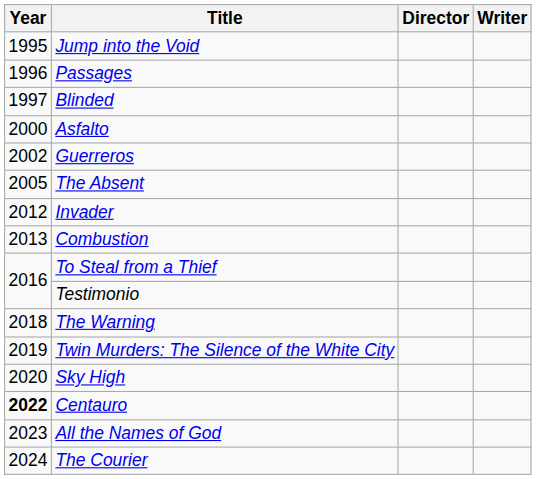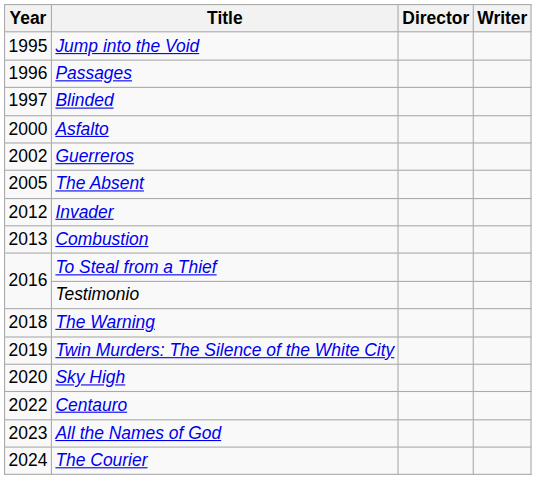 <table class="wikitable sortable">
 <tr>
 <th>Year</th>
 <th>Title</th>
 <th>Director</th>
 <th>Writer</th>
 </tr>
 <tr>
 <td>1995</td>
 <td><em><a href='#'>Jump into the Void</a></em></td>
 <td></td>
 <td></td>
 </tr>
 <tr>
 <td>1996</td>
 <td><em><a href='#'>Passages</a></em></td>
 <td></td>
 <td></td>
 </tr>
 <tr>
 <td>1997</td>
 <td><em><a href='#'>Blinded</a></em></td>
 <td></td>
 <td></td>
 </tr>
 <tr>
 <td>2000</td>
 <td><em><a href='#'>Asfalto</a></em></td>
 <td></td>
 <td></td>
 </tr>
 <tr>
 <td>2002</td>
 <td><em><a href='#'>Guerreros</a></em></td>
 <td></td>
 <td></td>
 </tr>
 <tr>
 <td>2005</td>
 <td><em><a href='#'>The Absent</a></em></td>
 <td></td>
 <td></td>
 </tr>
 <tr>
 <td>2012</td>
 <td><em><a href='#'>Invader</a></em></td>
 <td></td>
 <td></td>
 </tr>
 <tr>
 <td>2013</td>
 <td><em><a href='#'>Combustion</a></em></td>
 <td></td>
 <td></td>
 </tr>
 <tr>
 <td rowspan=2>2016</td>
 <td><em><a href='#'>To Steal from a Thief</a></em></td>
 <td></td>
 <td></td>
 </tr>
 <tr>
 <td><em>Testimonio</em></td>
 <td></td>
 <td></td>
 </tr>
 <tr>
 <td>2018</td>
 <td><em><a href='#'>The Warning</a></em></td>
 <td></td>
 <td></td>
 </tr>
 <tr>
 <td>2019</td>
 <td><em><a href='#'>Twin Murders: The Silence of the White City</a></em></td>
 <td></td>
 <td></td>
 </tr>
 <tr>
 <td>2020</td>
 <td><em><a href='#'>Sky High</a></em></td>
 <td></td>
 <td></td>
 </tr>
 <tr>
-<td><strong>2022</strong></td>
+<td>2022</td>
 <td><em><a href='#'>Centauro</a></em></td>
 <td></td>
 <td></td>
 </tr>
 <tr>
 <td>2023</td>
 <td><em><a href='#'>All the Names of God</a></em></td>
 <td></td>
 <td></td>
 </tr>
 <tr>
 <td>2024</td>
 <td><em><a href='#'>The Courier</a></em></td>
 <td></td>
 <td></td>
 </tr>
 </table>
